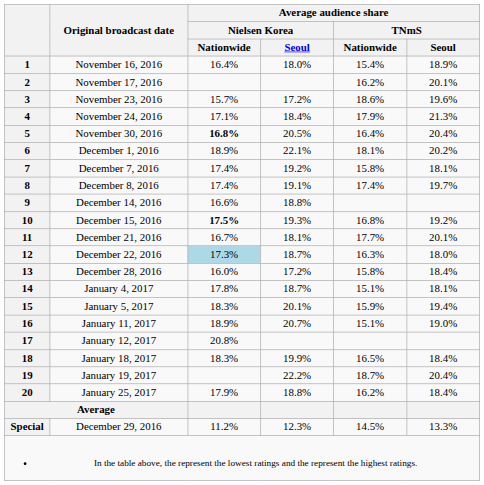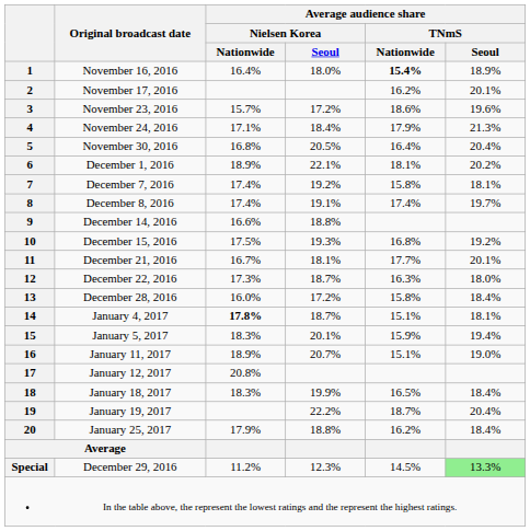 <table class="wikitable" style="width:700px; text-align:center">
 <tr>
 <th rowspan="3"></th>
 <th rowspan="3">Original broadcast date</th>
 <th colspan="4">Average audience share</th>
 </tr>
 <tr>
 <th colspan="2">Nielsen Korea</th>
 <th colspan="2">TNmS</th>
 </tr>
 <tr>
 <th width="100">Nationwide</th>
 <th width="100"><a href='#'>Seoul</a></th>
 <th width="100">Nationwide</th>
 <th width="100">Seoul</th>
 </tr>
 <tr>
 <th>1</th>
 <td>November 16, 2016</td>
 <td>16.4% </td>
 <td>18.0% </td>
-<td>15.4% </td>
+<td><strong>15.4% </strong></td>
 <td>18.9% </td>
 </tr>
 <tr>
 <th>2</th>
 <td>November 17, 2016</td>
 <td><strong></strong> </td>
 <td><strong></strong> </td>
 <td>16.2% </td>
 <td>20.1% </td>
 </tr>
 <tr>
 <th>3</th>
 <td>November 23, 2016</td>
 <td>15.7% </td>
 <td>17.2% </td>
 <td>18.6% </td>
 <td>19.6% </td>
 </tr>
 <tr>
 <th>4</th>
 <td>November 24, 2016</td>
 <td>17.1% </td>
 <td>18.4% </td>
 <td>17.9% </td>
 <td>21.3% </td>
 </tr>
 <tr>
 <th>5</th>
 <td>November 30, 2016</td>
-<td><strong>16.8% </strong></td>
+<td>16.8% </td>
 <td>20.5% </td>
 <td>16.4% </td>
 <td>20.4% </td>
 </tr>
 <tr>
 <th>6</th>
 <td>December 1, 2016</td>
 <td>18.9% </td>
 <td>22.1% </td>
 <td>18.1% </td>
 <td>20.2% </td>
 </tr>
 <tr>
 <th>7</th>
 <td>December 7, 2016</td>
 <td>17.4% </td>
 <td>19.2% </td>
 <td>15.8% </td>
 <td>18.1% </td>
 </tr>
 <tr>
 <th>8</th>
 <td>December 8, 2016</td>
 <td>17.4% </td>
 <td>19.1% </td>
 <td>17.4% </td>
 <td>19.7% </td>
 </tr>
 <tr>
 <th>9</th>
 <td>December 14, 2016</td>
 <td>16.6% </td>
 <td>18.8% </td>
 <td><strong></strong> </td>
 <td><strong></strong> </td>
 </tr>
 <tr>
 <th>10</th>
 <td>December 15, 2016</td>
-<td><strong>17.5% </strong></td>
+<td>17.5% </td>
 <td>19.3% </td>
 <td>16.8% </td>
 <td>19.2% </td>
 </tr>
 <tr>
 <th>11</th>
 <td>December 21, 2016</td>
 <td>16.7% </td>
 <td>18.1% </td>
 <td>17.7% </td>
 <td>20.1% </td>
 </tr>
 <tr>
 <th>12</th>
 <td>December 22, 2016</td>
-<td style="background: lightblue;">17.3% </td>
+<td>17.3% </td>
 <td>18.7% </td>
 <td>16.3% </td>
 <td>18.0% </td>
 </tr>
 <tr>
 <th>13</th>
 <td>December 28, 2016</td>
 <td>16.0% </td>
 <td>17.2% </td>
 <td>15.8% </td>
 <td>18.4% </td>
 </tr>
 <tr>
 <th>14</th>
 <td>January 4, 2017</td>
-<td>17.8% </td>
+<td><strong>17.8% </strong></td>
 <td>18.7% </td>
 <td>15.1% </td>
 <td>18.1% </td>
 </tr>
 <tr>
 <th>15</th>
 <td>January 5, 2017</td>
 <td>18.3% </td>
 <td>20.1% </td>
 <td>15.9% </td>
 <td>19.4% </td>
 </tr>
 <tr>
 <th>16</th>
 <td>January 11, 2017</td>
 <td>18.9% </td>
 <td>20.7% </td>
 <td>15.1% </td>
 <td>19.0% </td>
 </tr>
 <tr>
 <th>17</th>
 <td>January 12, 2017</td>
 <td>20.8% </td>
 <td><strong></strong> </td>
 <td><strong></strong> </td>
 <td><strong></strong> </td>
 </tr>
 <tr>
 <th>18</th>
 <td>January 18, 2017</td>
 <td>18.3% </td>
 <td>19.9% </td>
 <td>16.5% </td>
 <td>18.4% </td>
 </tr>
 <tr>
 <th>19</th>
 <td>January 19, 2017</td>
 <td><strong></strong> </td>
 <td>22.2% </td>
 <td>18.7% </td>
 <td>20.4% </td>
 </tr>
 <tr>
 <th>20</th>
 <td>January 25, 2017</td>
 <td>17.9% </td>
 <td>18.8% </td>
 <td>16.2% </td>
 <td>18.4% </td>
 </tr>
 <tr>
 <th colspan="2">Average</th>
 <th></th>
 <th></th>
 <th></th>
 <th></th>
 </tr>
 <tr>
 <th>Special</th>
 <td>December 29, 2016</td>
 <td>11.2% </td>
 <td>12.3% </td>
 <td>14.5% </td>
-<td>13.3% </td>
+<td style="background: lightgreen;">13.3% </td>
 </tr>
 <tr>
 <td colspan="6" style="font-size:85%"><br><ul><li>In the table above, the <strong></strong> represent the lowest ratings and the <strong></strong> represent the highest ratings.</li></ul></td>
 </tr>
 </table>
